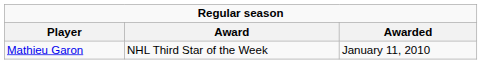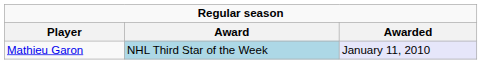 <table class="wikitable" style="width:52%;">
 <tr>
 <td colspan="10" style="text-align:center;"><strong>Regular season</strong></td>
 </tr>
 <tr>
 <th>Player</th>
 <th>Award</th>
 <th>Awarded</th>
 </tr>
 <tr>
 <td><a href='#'>Mathieu Garon</a></td>
-<td>NHL Third Star of the Week</td>
-<td>January 11, 2010</td>
+<td style="background: lightblue;">NHL Third Star of the Week</td>
+<td style="background: lavender;">January 11, 2010</td>
 </tr>
 </table>
